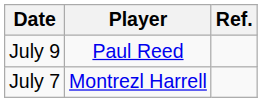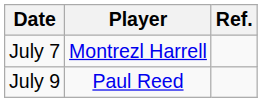 <table class="wikitable sortable sortable" style="text-align: center">
 <tr>
 <th>Date</th>
 <th>Player</th>
 <th>Ref.</th>
 </tr>
 <tr>
+<td>July 7</td>
+<td><a href='#'>Montrezl Harrell</a></td>
+<td></td>
+</tr>
+<tr>
 <td>July 9</td>
 <td><a href='#'>Paul Reed</a></td>
 <td></td>
 </tr>
-<tr>
-<td>July 7</td>
-<td><a href='#'>Montrezl Harrell</a></td>
-<td></td>
-</tr>
 </table>
